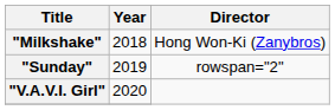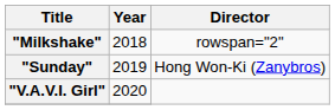 <table class="wikitable plainrowheaders" style="text-align:center; table-layout:fixed; margin-right:0">
 <tr>
 <th>Title</th>
 <th>Year</th>
 <th>Director</th>
 </tr>
 <tr>
 <th scope="row">"Milkshake"<br></th>
 <td>2018</td>
-<td scope="row">Hong Won-Ki (<a href='#'>Zanybros</a>)</td>
+<td>rowspan="2" </td>
 </tr>
 <tr>
 <th scope="row">"Sunday"</th>
 <td>2019</td>
-<td>rowspan="2" </td>
+<td scope="row">Hong Won-Ki (<a href='#'>Zanybros</a>)</td>
 </tr>
 <tr>
 <th scope="row">"V.A.V.I. Girl"</th>
 <td>2020</td>
 </tr>
 <tr>
 </tr>
 </table>
